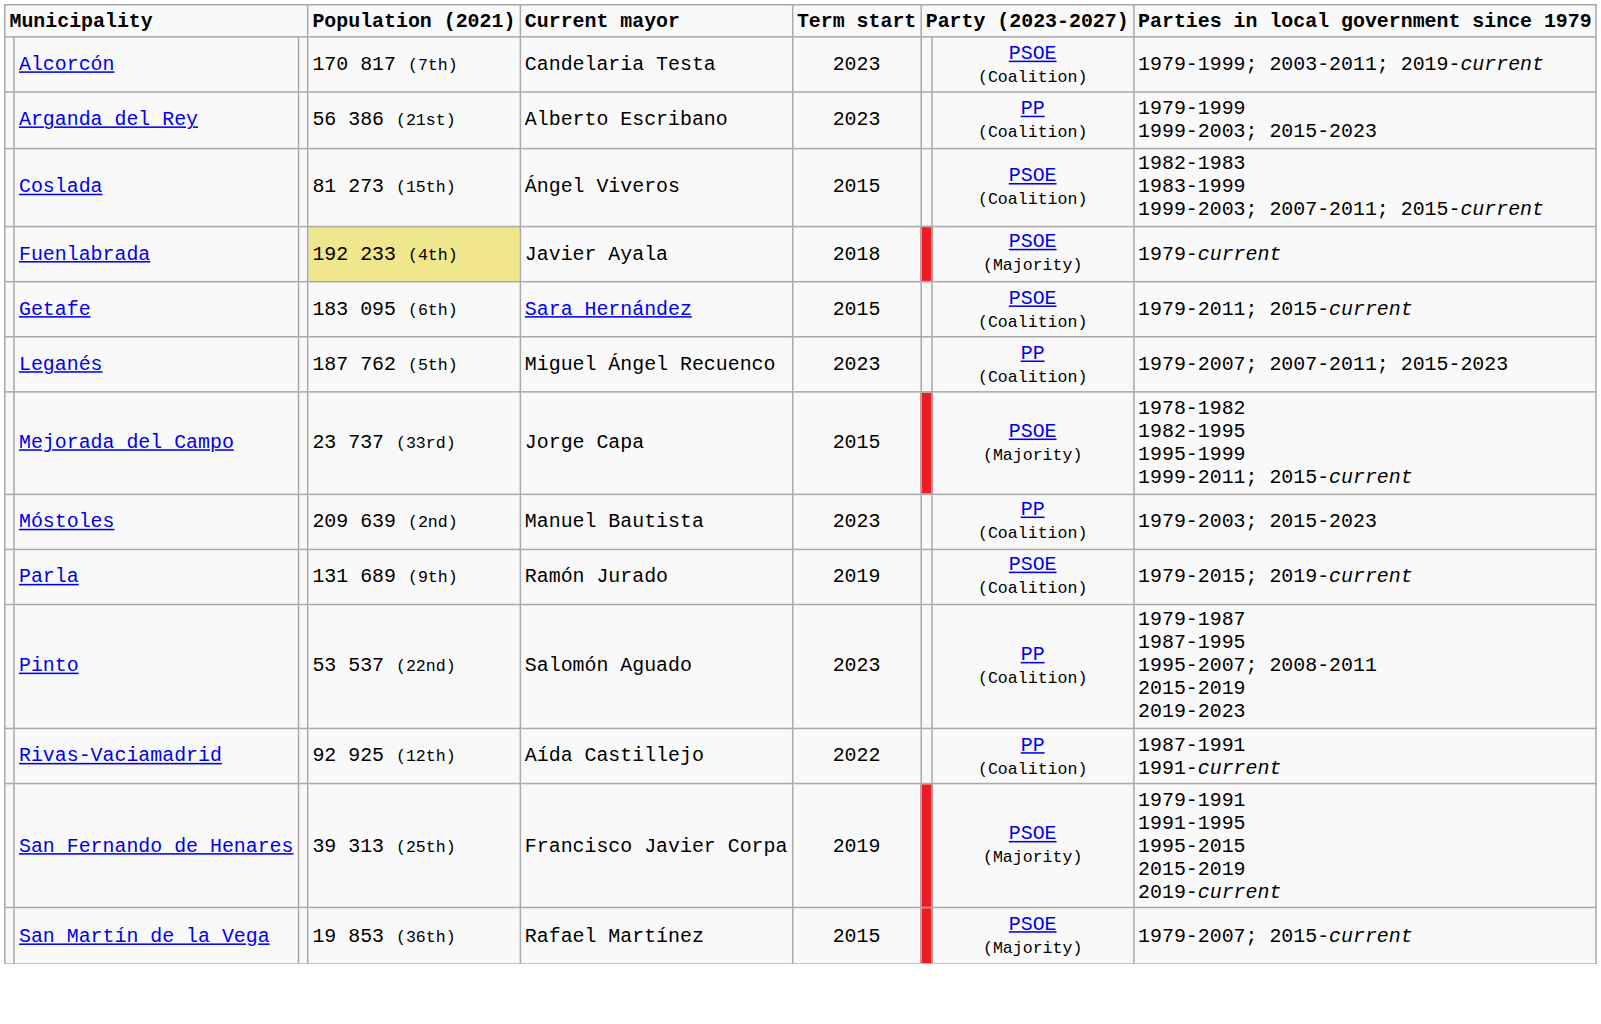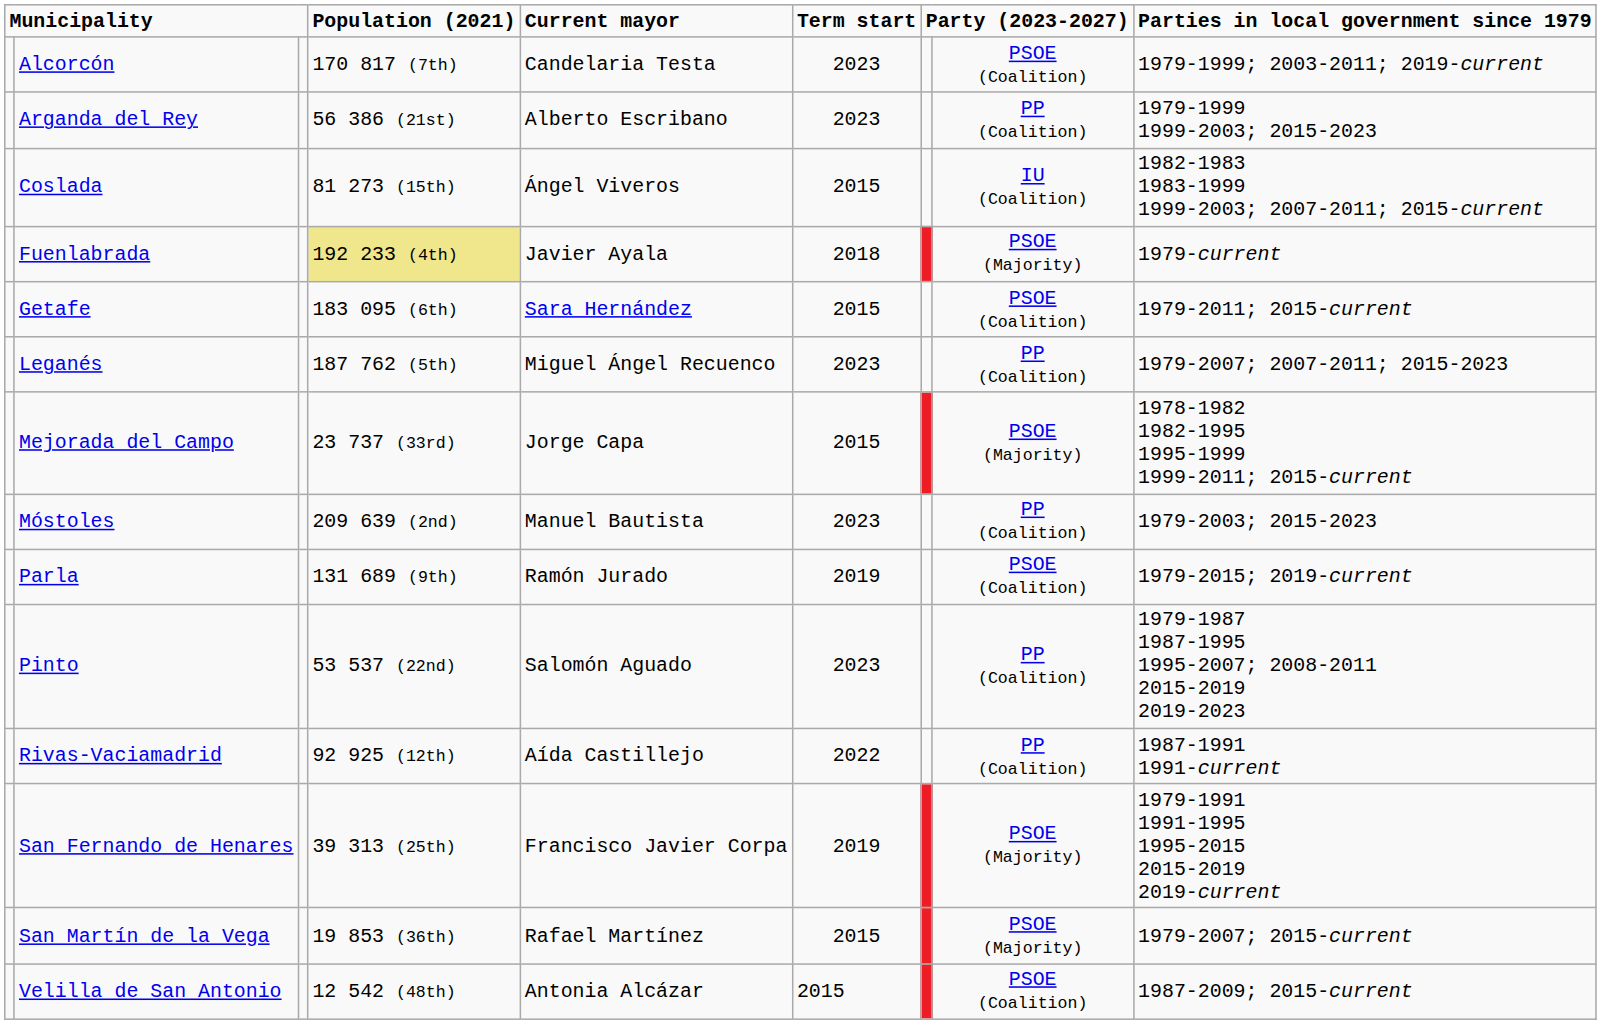 <table class="wikitable">
 <tr>
 <td colspan="3"><strong>Municipality</strong></td>
 <td><strong>Population (2021)</strong></td>
 <td><strong>Current mayor</strong></td>
 <td><strong>Term start</strong></td>
 <td colspan="2"><strong>Party (2023-2027)</strong></td>
 <td><strong>Parties in local government since 1979</strong></td>
 </tr>
 <tr>
 <td></td>
 <td><a href='#'>Alcorcón</a></td>
 <td></td>
 <td>170 817 <small>(7th)</small></td>
 <td>Candelaria Testa</td>
 <td align="center">2023</td>
 <td width="1"></td>
 <td align="center"><a href='#'>PSOE</a><br><small>(Coalition)</small></td>
 <td> 1979-1999; 2003-2011; 2019-<em>current</em></td>
 </tr>
 <tr>
 <td></td>
 <td><a href='#'>Arganda del Rey</a></td>
 <td></td>
 <td>56 386 <small>(21st)</small></td>
 <td>Alberto Escribano</td>
 <td align="center">2023</td>
 <td width="1"></td>
 <td align="center"><a href='#'>PP</a><br><small>(Coalition)</small></td>
 <td> 1979-1999<br> 1999-2003; 2015-2023</td>
 </tr>
 <tr>
 <td></td>
 <td><a href='#'>Coslada</a></td>
 <td></td>
 <td>81 273 <small>(15th)</small></td>
 <td>Ángel Viveros</td>
 <td align="center">2015</td>
 <td width="1"></td>
-<td align="center"><a href='#'>PSOE</a><br><small>(Coalition)</small></td>
+<td align="center"><a href='#'>IU</a><br><small>(Coalition)</small></td>
 <td> 1982-1983<br> 1983-1999<br> 1999-2003; 2007-2011; 2015-<em>current</em></td>
 </tr>
 <tr>
 <td></td>
 <td><a href='#'>Fuenlabrada</a></td>
 <td></td>
 <td style="background: khaki;">192 233 <small>(4th)</small></td>
 <td>Javier Ayala</td>
 <td align="center">2018</td>
 <td bgcolor="#EE1C25"></td>
 <td align="center"><a href='#'>PSOE</a><br><small>(Majority)</small></td>
 <td> 1979-<em>current</em></td>
 </tr>
 <tr>
 <td></td>
 <td><a href='#'>Getafe</a></td>
 <td></td>
 <td>183 095 <small>(6th)</small></td>
 <td><a href='#'>Sara Hernández</a></td>
 <td align="center">2015</td>
 <td width="1"></td>
 <td align="center"><a href='#'>PSOE</a><br><small>(Coalition)</small></td>
 <td> 1979-2011; 2015-<em>current</em></td>
 </tr>
 <tr>
 <td></td>
 <td><a href='#'>Leganés</a></td>
 <td></td>
 <td>187 762 <small>(5th)</small></td>
 <td>Miguel Ángel Recuenco</td>
 <td align="center">2023</td>
 <td width="1"></td>
 <td align="center"><a href='#'>PP</a><br><small>(Coalition)</small></td>
 <td> 1979-2007; 2007-2011; 2015-2023</td>
 </tr>
 <tr>
 <td></td>
 <td><a href='#'>Mejorada del Campo</a></td>
 <td></td>
 <td>23 737 <small>(33rd)</small></td>
 <td>Jorge Capa</td>
 <td align="center">2015</td>
 <td bgcolor="#EE1C25"></td>
 <td align="center"><a href='#'>PSOE</a><br><small>(Majority)</small></td>
 <td> 1978-1982<br> 1982-1995<br> 1995-1999<br> 1999-2011; 2015-<em>current</em></td>
 </tr>
 <tr>
 <td></td>
 <td><a href='#'>Móstoles</a></td>
 <td></td>
 <td>209 639 <small>(2nd)</small></td>
 <td>Manuel Bautista</td>
 <td align="center">2023</td>
 <td width="1"></td>
 <td align="center"><a href='#'>PP</a><br><small>(Coalition)</small></td>
 <td> 1979-2003; 2015-2023</td>
 </tr>
 <tr>
 <td></td>
 <td><a href='#'>Parla</a></td>
 <td></td>
 <td>131 689 <small>(9th)</small></td>
 <td>Ramón Jurado</td>
 <td align="center">2019</td>
 <td width="1"></td>
 <td align="center"><a href='#'>PSOE</a><br><small>(Coalition)</small></td>
 <td> 1979-2015; 2019-<em>current</em></td>
 </tr>
 <tr>
 <td></td>
 <td><a href='#'>Pinto</a></td>
 <td></td>
 <td>53 537 <small>(22nd)</small></td>
 <td>Salomón Aguado</td>
 <td align="center">2023</td>
 <td width="1"></td>
 <td align="center"><a href='#'>PP</a><br><small>(Coalition)</small></td>
 <td> 1979-1987<br> 1987-1995<br> 1995-2007; 2008-2011<br> 2015-2019<br> 2019-2023</td>
 </tr>
 <tr>
 <td></td>
 <td><a href='#'>Rivas-Vaciamadrid</a></td>
 <td></td>
 <td>92 925 <small>(12th)</small></td>
 <td>Aída Castillejo</td>
 <td align="center">2022</td>
 <td width="1"></td>
 <td align="center"><a href='#'>PP</a><br><small>(Coalition)</small></td>
 <td> 1987-1991<br> 1991-<em>current</em></td>
 </tr>
 <tr>
 <td></td>
 <td><a href='#'>San Fernando de Henares</a></td>
 <td></td>
 <td>39 313 <small>(25th)</small></td>
 <td>Francisco Javier Corpa</td>
 <td align="center">2019</td>
 <td bgcolor="#EE1C25"></td>
 <td align="center"><a href='#'>PSOE</a><br><small>(Majority)</small></td>
 <td> 1979-1991<br> 1991-1995<br> 1995-2015<br>2015-2019<br> 2019-<em>current</em></td>
 </tr>
 <tr>
 <td></td>
 <td><a href='#'>San Martín de la Vega</a></td>
 <td></td>
 <td>19 853 <small>(36th)</small></td>
 <td>Rafael Martínez</td>
 <td align="center">2015</td>
 <td bgcolor="#EE1C25"></td>
 <td align="center"><a href='#'>PSOE</a><br><small>(Majority)</small></td>
 <td> 1979-2007; 2015-<em>current</em></td>
 </tr>
+<tr>
+<td></td>
+<td><a href='#'>Velilla de San Antonio</a></td>
+<td></td>
+<td>12 542 <small>(48th)</small></td>
+<td>Antonia Alcázar</td>
+<td>2015</td>
+<td bgcolor="#EE1C25"></td>
+<td align="center"><a href='#'>PSOE</a><br><small>(Coalition)</small></td>
+<td> 1987-2009; 2015-<em>current</em></td>
+</tr>
 </table>
